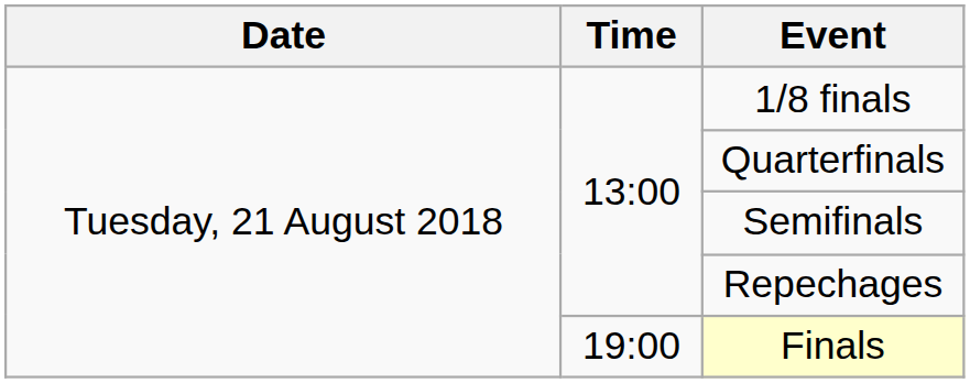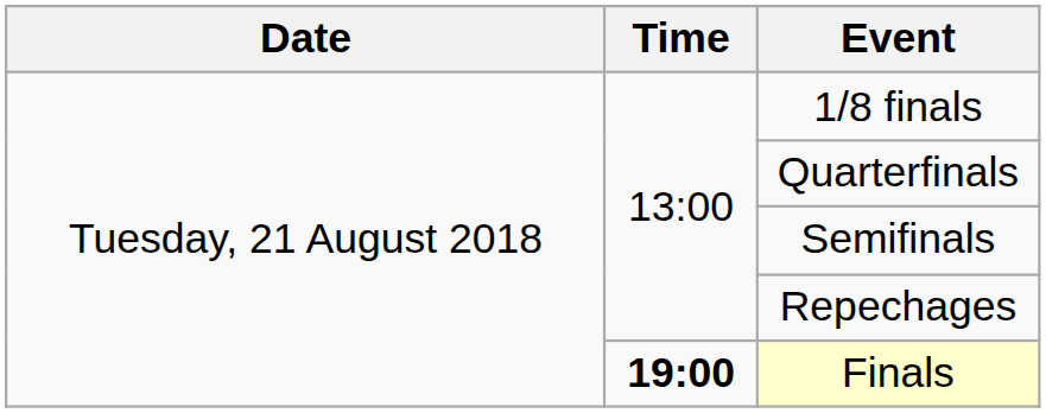 <table class = "wikitable" style="text-align:center;">
 <tr>
 <th width=220>Date</th>
 <th width=50>Time</th>
 <th width=100>Event</th>
 </tr>
 <tr>
 <td rowspan=5>Tuesday, 21 August 2018</td>
 <td rowspan=4>13:00</td>
 <td>1/8 finals</td>
 </tr>
 <tr>
 <td>Quarterfinals</td>
 </tr>
 <tr>
 <td>Semifinals</td>
 </tr>
 <tr>
 <td>Repechages</td>
 </tr>
 <tr>
-<td>19:00</td>
+<td><strong>19:00</strong></td>
 <td bgcolor=ffffcc>Finals</td>
 </tr>
 </table>
